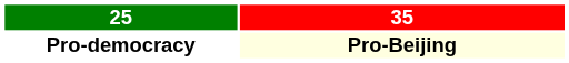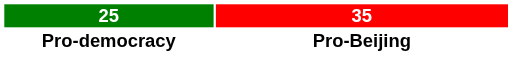 <table style="width:50%; text-align:center;">
 <tr style="color:white;">
 <td style="background:green; width:41.7%;"><strong>25</strong></td>
 <td style="background:red; width:58.3%;"><strong>35</strong></td>
 </tr>
 <tr>
 <td><span><strong>Pro-democracy</strong></span></td>
-<td style="background: lightyellow;"><span><strong>Pro-Beijing</strong></span></td>
+<td><span><strong>Pro-Beijing</strong></span></td>
 </tr>
 </table>
